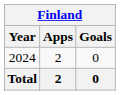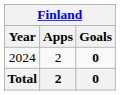 <table class=wikitable style=text-align:center>
 <tr>
 <th colspan=4><a href='#'>Finland</a></th>
 </tr>
 <tr>
 <th>Year</th>
 <th>Apps</th>
 <th>Goals</th>
 </tr>
 <tr>
 <td>2024</td>
 <td>2</td>
-<td>0</td>
+<td><strong>0</strong></td>
 </tr>
 <tr>
 <th colspan=1>Total</th>
 <th>2</th>
 <th>0</th>
 </tr>
 </table>
